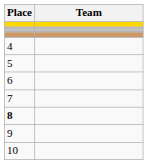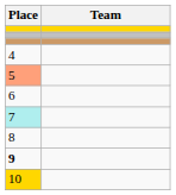 <table class="wikitable">
 <tr>
 <th width=30>Place</th>
 <th width=150>Team</th>
 </tr>
 <tr bgcolor=gold>
 <td></td>
 <td></td>
 </tr>
 <tr bgcolor=silver>
 <td></td>
 <td></td>
 </tr>
 <tr bgcolor=cc9966>
 <td></td>
 <td></td>
 </tr>
 <tr>
 <td>4</td>
 <td></td>
 </tr>
 <tr>
-<td>5</td>
+<td style="background: lightsalmon;">5</td>
 <td></td>
 </tr>
 <tr>
 <td>6</td>
 <td></td>
 </tr>
 <tr>
-<td>7</td>
+<td style="background: paleturquoise;">7</td>
 <td></td>
 </tr>
 <tr>
-<td><strong>8</strong></td>
+<td>8</td>
 <td></td>
 </tr>
 <tr>
-<td>9</td>
+<td><strong>9</strong></td>
 <td></td>
 </tr>
 <tr>
-<td>10</td>
+<td style="background: gold;">10</td>
 <td></td>
 </tr>
 </table>
